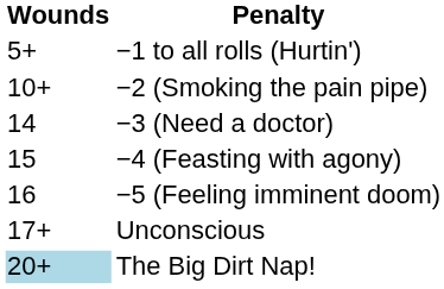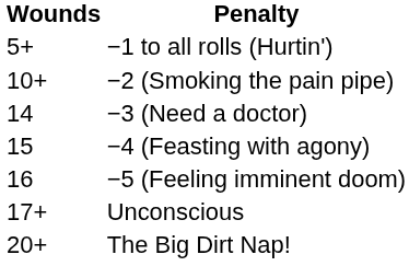 <table>
 <tr>
 <th>Wounds</th>
 <th>Penalty</th>
 </tr>
 <tr>
 <td>5+</td>
 <td>−1 to all rolls (Hurtin')</td>
 </tr>
 <tr>
 <td>10+</td>
 <td>−2 (Smoking the pain pipe)</td>
 </tr>
 <tr>
 <td>14</td>
 <td>−3 (Need a doctor)</td>
 </tr>
 <tr>
 <td>15</td>
 <td>−4 (Feasting with agony)</td>
 </tr>
 <tr>
 <td>16</td>
 <td>−5 (Feeling imminent doom)</td>
 </tr>
 <tr>
 <td>17+</td>
 <td>Unconscious</td>
 </tr>
 <tr>
-<td style="background: lightblue;">20+</td>
+<td>20+</td>
 <td>The Big Dirt Nap!</td>
 </tr>
 </table>
